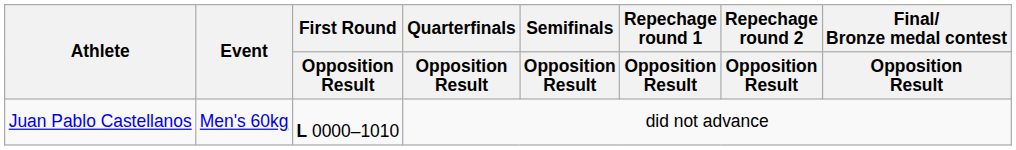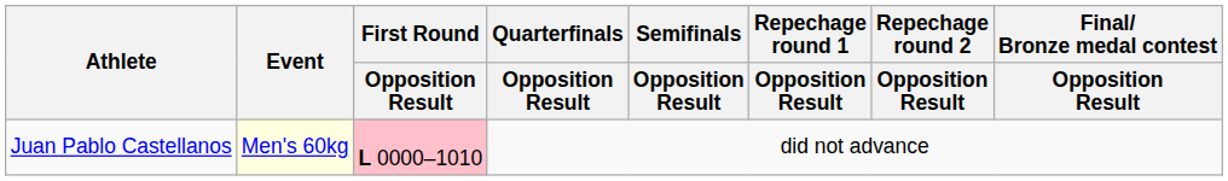 <table class= wikitable style="font-size:90%">
 <tr>
 <th rowspan="2">Athlete</th>
 <th rowspan="2">Event</th>
 <th>First Round</th>
 <th>Quarterfinals</th>
 <th>Semifinals</th>
 <th>Repechage <br>round 1</th>
 <th>Repechage <br>round 2</th>
 <th>Final/<br>Bronze medal contest</th>
 </tr>
 <tr>
 <th>Opposition<br>Result</th>
 <th>Opposition<br>Result</th>
 <th>Opposition<br>Result</th>
 <th>Opposition<br>Result</th>
 <th>Opposition<br>Result</th>
 <th>Opposition<br>Result</th>
 </tr>
 <tr>
 <td><a href='#'>Juan Pablo Castellanos</a></td>
-<td style="text-align:center;"><a href='#'>Men's 60kg</a></td>
-<td style="text-align:center;"><br> <strong>L</strong> 0000–1010</td>
+<td style="background: lightyellow; text-align:center;"><a href='#'>Men's 60kg</a></td>
+<td style="background: pink; text-align:center;"><br> <strong>L</strong> 0000–1010</td>
 <td style="text-align:center;" colspan="5">did not advance</td>
 </tr>
 </table>
